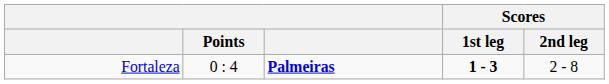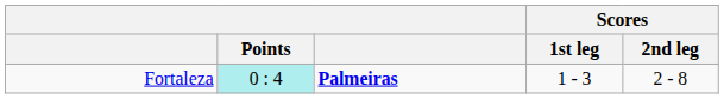 <table class="wikitable" style="text-align:center;">
 <tr>
 <th colspan=3></th>
 <th colspan=3>Scores</th>
 </tr>
 <tr>
 <th width="175"></th>
 <th width="75">Points</th>
 <th width="175"></th>
 <th width="75">1st leg</th>
 <th width="75">2nd leg</th>
 </tr>
 <tr>
 <td align=right><a href='#'>Fortaleza</a></td>
-<td>0 : 4</td>
+<td style="background: paleturquoise;">0 : 4</td>
 <td align=left><strong><a href='#'>Palmeiras</a></strong></td>
-<td><strong>1 - 3</strong></td>
+<td>1 - 3</td>
 <td>2 - 8</td>
 </tr>
 </table>
